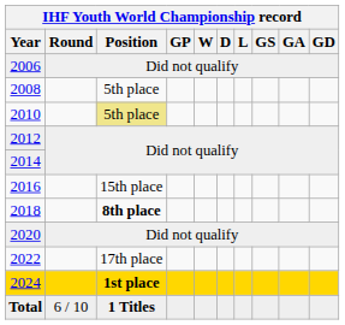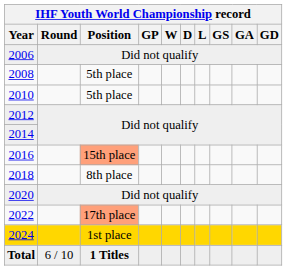 <table class="wikitable" style="text-align: center;">
 <tr>
 <th colspan=10><a href='#'>IHF Youth World Championship</a> record</th>
 </tr>
 <tr>
 <th>Year</th>
 <th>Round</th>
 <th>Position</th>
 <th>GP</th>
 <th>W</th>
 <th>D</th>
 <th>L</th>
 <th>GS</th>
 <th>GA</th>
 <th>GD</th>
 </tr>
 <tr bgcolor="efefef">
 <td> <a href='#'>2006</a></td>
 <td colspan=10>Did not qualify</td>
 </tr>
 <tr>
 <td> <a href='#'>2008</a></td>
 <td></td>
 <td>5th place</td>
 <td></td>
 <td></td>
 <td></td>
 <td></td>
 <td></td>
 <td></td>
 <td></td>
 </tr>
 <tr>
 <td> <a href='#'>2010</a></td>
 <td></td>
-<td style="background: khaki;">5th place</td>
+<td>5th place</td>
 <td></td>
 <td></td>
 <td></td>
 <td></td>
 <td></td>
 <td></td>
 <td></td>
 </tr>
 <tr bgcolor="efefef">
 <td> <a href='#'>2012</a></td>
 <td colspan=10 rowspan=2>Did not qualify</td>
 </tr>
 <tr bgcolor="efefef">
 <td> <a href='#'>2014</a></td>
 </tr>
 <tr>
 <td> <a href='#'>2016</a></td>
 <td></td>
-<td>15th place</td>
+<td style="background: lightsalmon;">15th place</td>
 <td></td>
 <td></td>
 <td></td>
 <td></td>
 <td></td>
 <td></td>
 <td></td>
 </tr>
 <tr>
 <td> <a href='#'>2018</a></td>
 <td></td>
-<td><strong>8th place</strong></td>
+<td>8th place</td>
 <td></td>
 <td></td>
 <td></td>
 <td></td>
 <td></td>
 <td></td>
 <td></td>
 </tr>
 <tr bgcolor= "efefef">
 <td> <a href='#'>2020</a></td>
 <td colspan=10>Did not qualify</td>
 </tr>
 <tr>
 <td> <a href='#'>2022</a></td>
 <td></td>
-<td>17th place</td>
+<td style="background: lightsalmon;">17th place</td>
 <td></td>
 <td></td>
 <td></td>
 <td></td>
 <td></td>
 <td></td>
 <td></td>
 </tr>
 <tr bgcolor=gold>
 <td> <a href='#'>2024</a></td>
 <td></td>
-<td><strong>1st place</strong></td>
+<td>1st place</td>
 <td></td>
 <td></td>
 <td></td>
 <td></td>
 <td></td>
 <td></td>
 <td></td>
 </tr>
 <tr bgcolor= "efefef">
 <td><strong>Total</strong></td>
 <td>6 / 10</td>
 <td><strong>1 Titles</strong></td>
 <td></td>
 <td></td>
 <td></td>
 <td></td>
 <td></td>
 <td></td>
 <td></td>
 </tr>
 </table>
